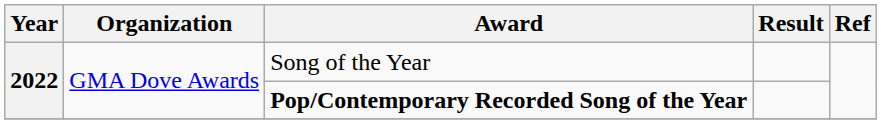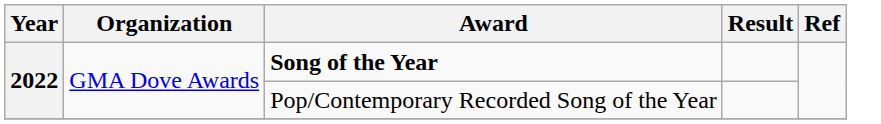 <table class="wikitable plainrowheaders">
 <tr>
 <th>Year</th>
 <th>Organization</th>
 <th>Award</th>
 <th>Result</th>
 <th>Ref</th>
 </tr>
 <tr>
 <th scope="row" rowspan="2">2022</th>
 <td rowspan="2"><a href='#'>GMA Dove Awards</a></td>
-<td>Song of the Year</td>
+<td><strong>Song of the Year</strong></td>
 <td></td>
 <td rowspan="2"></td>
 </tr>
 <tr>
-<td><strong>Pop/Contemporary Recorded Song of the Year</strong></td>
+<td>Pop/Contemporary Recorded Song of the Year</td>
 <td></td>
 </tr>
 <tr>
 </tr>
 </table>
